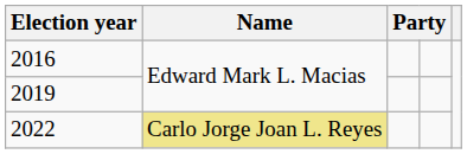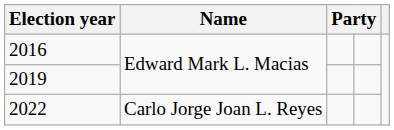 <table class="wikitable">
 <tr>
 <th>Election year</th>
 <th>Name</th>
 <th colspan="2">Party</th>
 <th></th>
 </tr>
 <tr>
 <td>2016</td>
 <td rowspan="2">Edward Mark L. Macias</td>
 <td></td>
 <td></td>
 </tr>
 <tr>
 <td>2019</td>
 <td></td>
 <td></td>
 </tr>
 <tr>
 <td>2022</td>
-<td style="background: khaki;">Carlo Jorge Joan L. Reyes</td>
+<td>Carlo Jorge Joan L. Reyes</td>
 <td></td>
 <td></td>
 </tr>
 </table>
